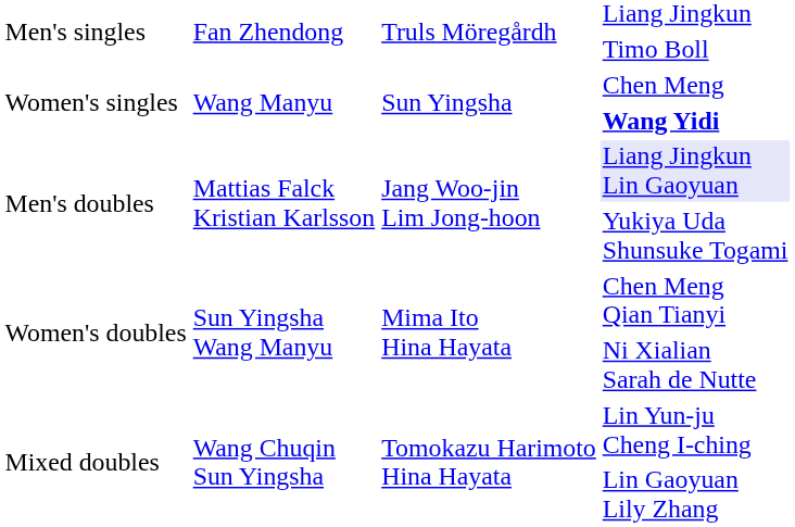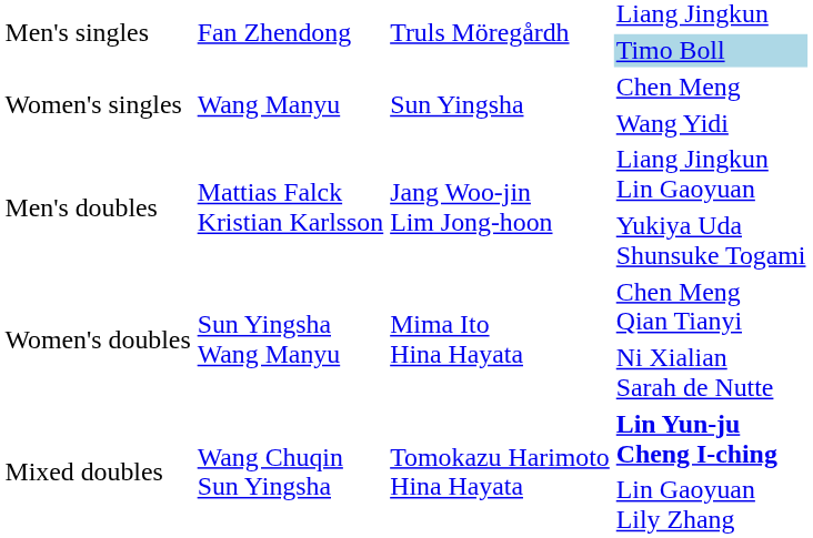 <table>
 <tr>
 <td rowspan=2>Men's singles <br></td>
 <td rowspan=2> <a href='#'>Fan Zhendong</a></td>
 <td rowspan=2> <a href='#'>Truls Möregårdh</a></td>
 <td> <a href='#'>Liang Jingkun</a></td>
 </tr>
 <tr>
-<td> <a href='#'>Timo Boll</a></td>
+<td style="background: lightblue;"> <a href='#'>Timo Boll</a></td>
 </tr>
 <tr>
 <td rowspan=2>Women's singles <br></td>
 <td rowspan=2> <a href='#'>Wang Manyu</a></td>
 <td rowspan=2> <a href='#'>Sun Yingsha</a></td>
 <td> <a href='#'>Chen Meng</a></td>
 </tr>
 <tr>
-<td><strong> <a href='#'>Wang Yidi</a></strong></td>
+<td> <a href='#'>Wang Yidi</a></td>
 </tr>
 <tr>
 <td rowspan=2>Men's doubles <br></td>
 <td rowspan=2> <a href='#'>Mattias Falck</a><br> <a href='#'>Kristian Karlsson</a></td>
 <td rowspan=2> <a href='#'>Jang Woo-jin</a><br> <a href='#'>Lim Jong-hoon</a></td>
-<td style="background: lavender;"> <a href='#'>Liang Jingkun</a><br> <a href='#'>Lin Gaoyuan</a></td>
+<td> <a href='#'>Liang Jingkun</a><br> <a href='#'>Lin Gaoyuan</a></td>
 </tr>
 <tr>
 <td> <a href='#'>Yukiya Uda</a><br> <a href='#'>Shunsuke Togami</a></td>
 </tr>
 <tr>
 <td rowspan=2>Women's doubles <br></td>
 <td rowspan=2> <a href='#'>Sun Yingsha</a><br> <a href='#'>Wang Manyu</a></td>
 <td rowspan=2> <a href='#'>Mima Ito</a><br> <a href='#'>Hina Hayata</a></td>
 <td> <a href='#'>Chen Meng</a><br> <a href='#'>Qian Tianyi</a></td>
 </tr>
 <tr>
 <td> <a href='#'>Ni Xialian</a><br> <a href='#'>Sarah de Nutte</a></td>
 </tr>
 <tr>
 <td rowspan=2>Mixed doubles <br></td>
 <td rowspan=2> <a href='#'>Wang Chuqin</a><br> <a href='#'>Sun Yingsha</a></td>
 <td rowspan=2> <a href='#'>Tomokazu Harimoto</a><br> <a href='#'>Hina Hayata</a></td>
-<td> <a href='#'>Lin Yun-ju</a><br> <a href='#'>Cheng I-ching</a></td>
+<td><strong> <a href='#'>Lin Yun-ju</a><br> <a href='#'>Cheng I-ching</a></strong></td>
 </tr>
 <tr>
 <td> <a href='#'>Lin Gaoyuan</a><br> <a href='#'>Lily Zhang</a></td>
 </tr>
 </table>
